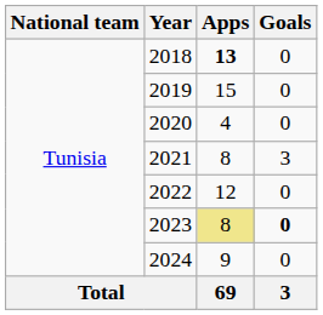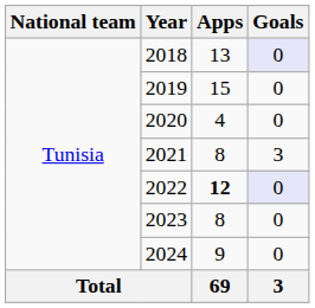 <table class="wikitable" style="text-align:center">
 <tr>
 <th>National team</th>
 <th>Year</th>
 <th>Apps</th>
 <th>Goals</th>
 </tr>
 <tr>
 <td rowspan="7"><a href='#'>Tunisia</a></td>
 <td>2018</td>
-<td><strong>13</strong></td>
-<td>0</td>
+<td>13</td>
+<td style="background: lavender;">0</td>
 </tr>
 <tr>
 <td>2019</td>
 <td>15</td>
 <td>0</td>
 </tr>
 <tr>
 <td>2020</td>
 <td>4</td>
 <td>0</td>
 </tr>
 <tr>
 <td>2021</td>
 <td>8</td>
 <td>3</td>
 </tr>
 <tr>
 <td>2022</td>
-<td>12</td>
-<td>0</td>
+<td><strong>12</strong></td>
+<td style="background: lavender;">0</td>
 </tr>
 <tr>
 <td>2023</td>
-<td style="background: khaki;">8</td>
-<td><strong>0</strong></td>
+<td>8</td>
+<td>0</td>
 </tr>
 <tr>
 <td>2024</td>
 <td>9</td>
 <td>0</td>
 </tr>
 <tr>
 <th colspan="2">Total</th>
 <th>69</th>
 <th>3</th>
 </tr>
 </table>
